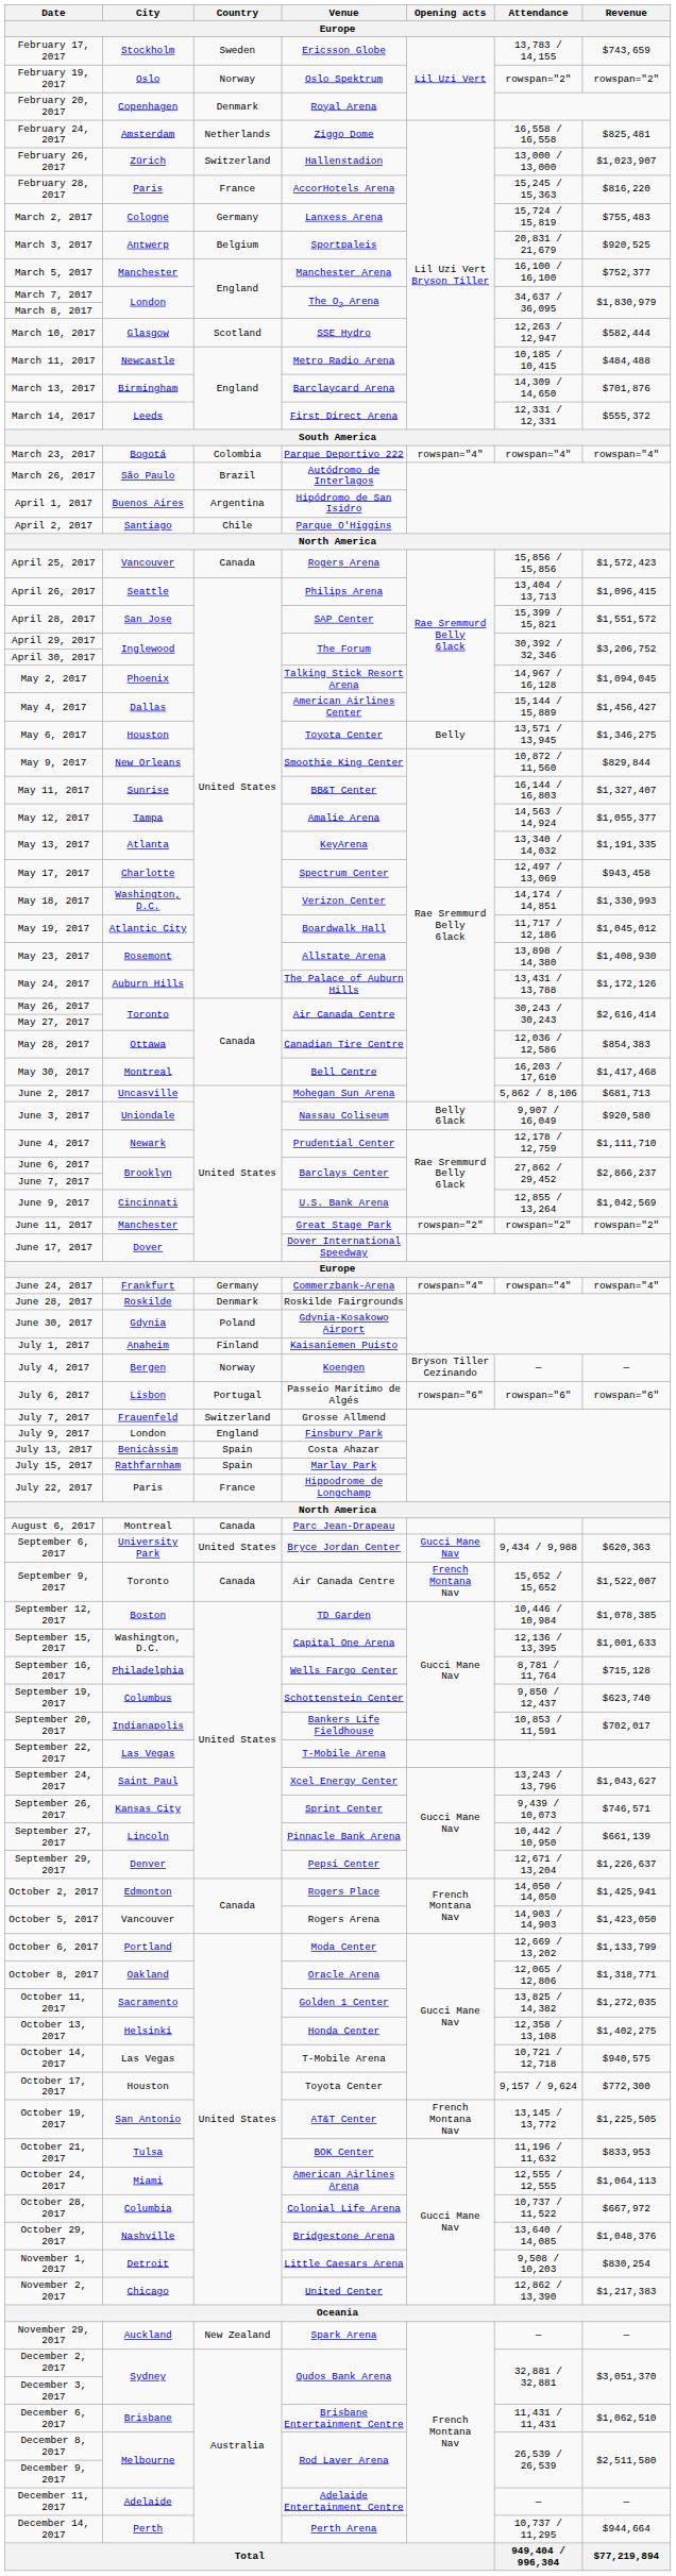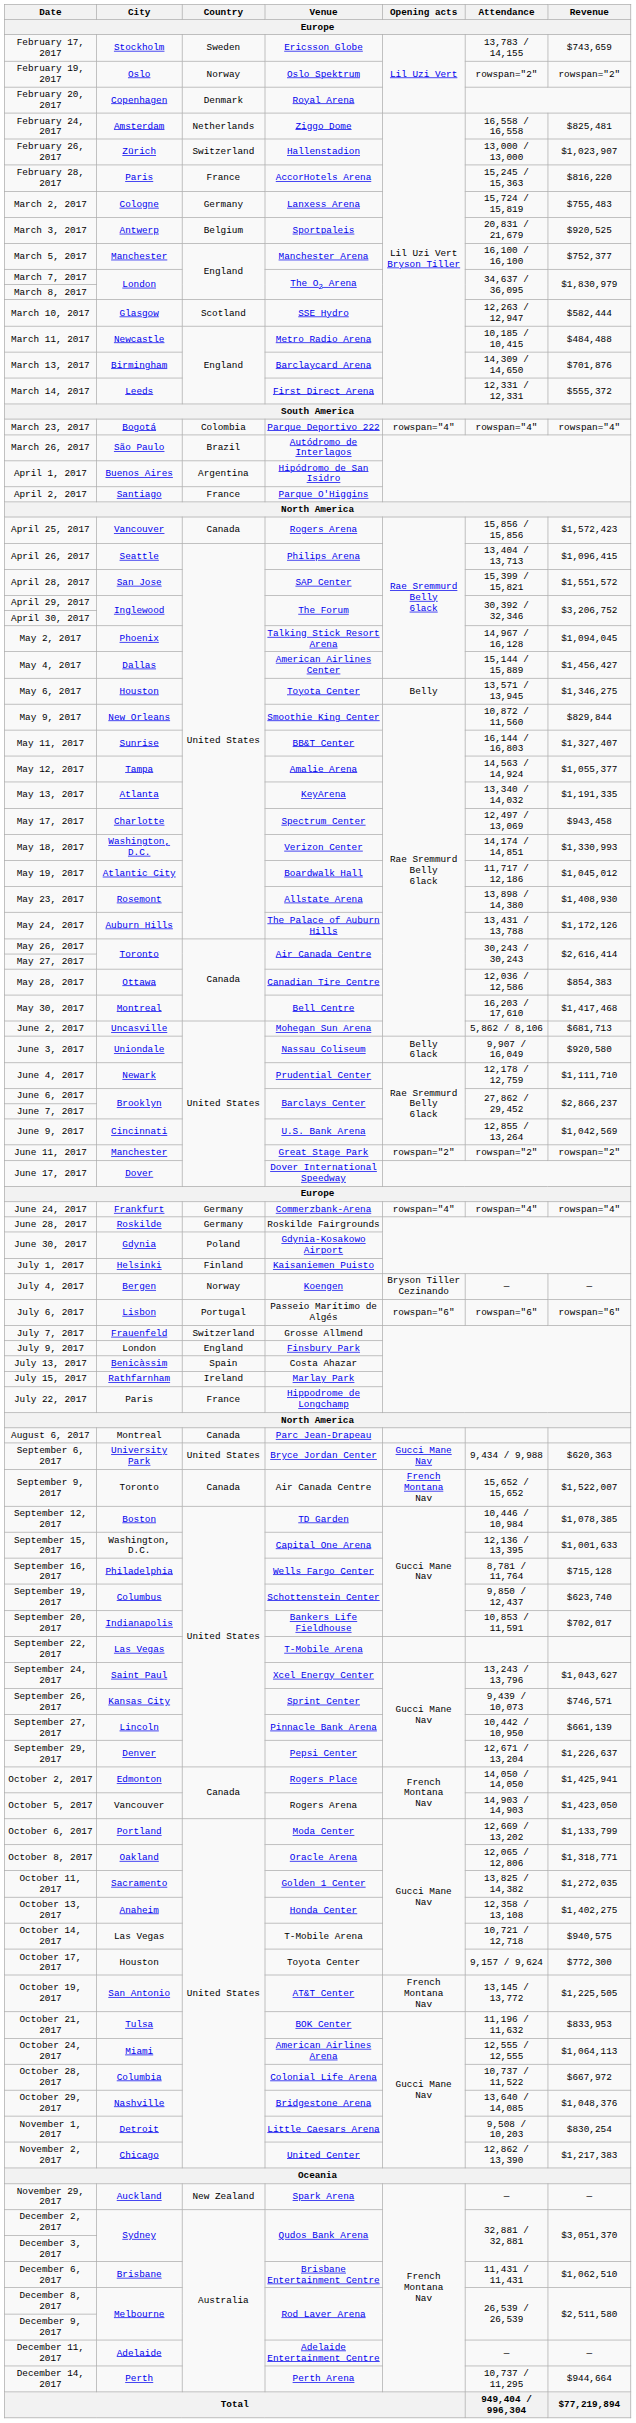 <table class="wikitable" style="text-align:center;">
 <tr>
 <th scope="col" style="width:13em;">Date</th>
 <th scope="col" style="width:10em;">City</th>
 <th scope="col" style="width:10em;">Country</th>
 <th scope="col" style="width:16em;">Venue</th>
 <th scope="col" style="width:10em;">Opening acts</th>
 <th scope="col" style="width:10em;">Attendance</th>
 <th scope="col" style="width:10em;">Revenue</th>
 </tr>
 <tr>
 <th colspan="7">Europe</th>
 </tr>
 <tr>
 <td>February 17, 2017</td>
 <td><a href='#'>Stockholm</a></td>
 <td>Sweden</td>
 <td><a href='#'>Ericsson Globe</a></td>
 <td rowspan="3"><a href='#'>Lil Uzi Vert</a></td>
 <td>13,783 / 14,155</td>
 <td>$743,659</td>
 </tr>
 <tr>
 <td>February 19, 2017</td>
 <td><a href='#'>Oslo</a></td>
 <td>Norway</td>
 <td><a href='#'>Oslo Spektrum</a></td>
 <td>rowspan="2" </td>
 <td>rowspan="2" </td>
 </tr>
 <tr>
 <td>February 20, 2017</td>
 <td><a href='#'>Copenhagen</a></td>
 <td>Denmark</td>
 <td><a href='#'>Royal Arena</a></td>
 </tr>
 <tr>
 <td>February 24, 2017</td>
 <td><a href='#'>Amsterdam</a></td>
 <td>Netherlands</td>
 <td><a href='#'>Ziggo Dome</a></td>
 <td rowspan="12">Lil Uzi Vert<br><a href='#'>Bryson Tiller</a></td>
 <td>16,558 / 16,558</td>
 <td>$825,481</td>
 </tr>
 <tr>
 <td>February 26, 2017</td>
 <td><a href='#'>Zürich</a></td>
 <td>Switzerland</td>
 <td><a href='#'>Hallenstadion</a></td>
 <td>13,000 / 13,000</td>
 <td>$1,023,907</td>
 </tr>
 <tr>
 <td>February 28, 2017</td>
 <td><a href='#'>Paris</a></td>
 <td>France</td>
 <td><a href='#'>AccorHotels Arena</a></td>
 <td>15,245 / 15,363</td>
 <td>$816,220</td>
 </tr>
 <tr>
 <td>March 2, 2017</td>
 <td><a href='#'>Cologne</a></td>
 <td>Germany</td>
 <td><a href='#'>Lanxess Arena</a></td>
 <td>15,724 / 15,819</td>
 <td>$755,483</td>
 </tr>
 <tr>
 <td>March 3, 2017</td>
 <td><a href='#'>Antwerp</a></td>
 <td>Belgium</td>
 <td><a href='#'>Sportpaleis</a></td>
 <td>20,831 / 21,679</td>
 <td>$920,525</td>
 </tr>
 <tr>
 <td>March 5, 2017</td>
 <td><a href='#'>Manchester</a></td>
 <td rowspan="3">England</td>
 <td><a href='#'>Manchester Arena</a></td>
 <td>16,100 / 16,100</td>
 <td>$752,377</td>
 </tr>
 <tr>
 <td>March 7, 2017</td>
 <td rowspan="2"><a href='#'>London</a></td>
 <td rowspan="2"><a href='#'>The O<sub>2</sub> Arena</a></td>
 <td rowspan="2">34,637 / 36,095</td>
 <td rowspan="2">$1,830,979</td>
 </tr>
 <tr>
 <td>March 8, 2017</td>
 </tr>
 <tr>
 <td>March 10, 2017</td>
 <td><a href='#'>Glasgow</a></td>
 <td>Scotland</td>
 <td><a href='#'>SSE Hydro</a></td>
 <td>12,263 / 12,947</td>
 <td>$582,444</td>
 </tr>
 <tr>
 <td>March 11, 2017</td>
 <td><a href='#'>Newcastle</a></td>
 <td rowspan="3">England</td>
 <td><a href='#'>Metro Radio Arena</a></td>
 <td>10,185 / 10,415</td>
 <td>$484,488</td>
 </tr>
 <tr>
 <td>March 13, 2017</td>
 <td><a href='#'>Birmingham</a></td>
 <td><a href='#'>Barclaycard Arena</a></td>
 <td>14,309 / 14,650</td>
 <td>$701,876</td>
 </tr>
 <tr>
 <td>March 14, 2017</td>
 <td><a href='#'>Leeds</a></td>
 <td><a href='#'>First Direct Arena</a></td>
 <td>12,331 / 12,331</td>
 <td>$555,372</td>
 </tr>
 <tr>
 <th colspan="7">South America</th>
 </tr>
 <tr>
 <td>March 23, 2017</td>
 <td><a href='#'>Bogotá</a></td>
 <td>Colombia</td>
 <td><a href='#'>Parque Deportivo 222</a></td>
 <td>rowspan="4" </td>
 <td>rowspan="4" </td>
 <td>rowspan="4" </td>
 </tr>
 <tr>
 <td>March 26, 2017</td>
 <td><a href='#'>São Paulo</a></td>
 <td>Brazil</td>
 <td><a href='#'>Autódromo de Interlagos</a></td>
 </tr>
 <tr>
 <td>April 1, 2017</td>
 <td><a href='#'>Buenos Aires</a></td>
 <td>Argentina</td>
 <td><a href='#'>Hipódromo de San Isidro</a></td>
 </tr>
 <tr>
 <td>April 2, 2017</td>
 <td><a href='#'>Santiago</a></td>
-<td>Chile</td>
+<td>France</td>
 <td><a href='#'>Parque O'Higgins</a></td>
 </tr>
 <tr>
 <th colspan="7">North America</th>
 </tr>
 <tr>
 <td>April 25, 2017</td>
 <td><a href='#'>Vancouver</a></td>
 <td>Canada</td>
 <td><a href='#'>Rogers Arena</a></td>
 <td rowspan="7"><a href='#'>Rae Sremmurd</a><br><a href='#'>Belly</a><br><a href='#'>6lack</a></td>
 <td>15,856 / 15,856</td>
 <td>$1,572,423</td>
 </tr>
 <tr>
 <td>April 26, 2017</td>
 <td><a href='#'>Seattle</a></td>
 <td rowspan="16">United States</td>
 <td><a href='#'>Philips Arena</a></td>
 <td>13,404 / 13,713</td>
 <td>$1,096,415</td>
 </tr>
 <tr>
 <td>April 28, 2017</td>
 <td><a href='#'>San Jose</a></td>
 <td><a href='#'>SAP Center</a></td>
 <td>15,399 / 15,821</td>
 <td>$1,551,572</td>
 </tr>
 <tr>
 <td>April 29, 2017</td>
 <td rowspan="2"><a href='#'>Inglewood</a></td>
 <td rowspan="2"><a href='#'>The Forum</a></td>
 <td rowspan="2">30,392 / 32,346</td>
 <td rowspan="2">$3,206,752</td>
 </tr>
 <tr>
 <td>April 30, 2017</td>
 </tr>
 <tr>
 <td>May 2, 2017</td>
 <td><a href='#'>Phoenix</a></td>
 <td><a href='#'>Talking Stick Resort Arena</a></td>
 <td>14,967 / 16,128</td>
 <td>$1,094,045</td>
 </tr>
 <tr>
 <td>May 4, 2017</td>
 <td><a href='#'>Dallas</a></td>
 <td><a href='#'>American Airlines Center</a></td>
 <td>15,144 / 15,889</td>
 <td>$1,456,427</td>
 </tr>
 <tr>
 <td>May 6, 2017</td>
 <td><a href='#'>Houston</a></td>
 <td><a href='#'>Toyota Center</a></td>
 <td>Belly</td>
 <td>13,571 / 13,945</td>
 <td>$1,346,275</td>
 </tr>
 <tr>
 <td>May 9, 2017</td>
 <td><a href='#'>New Orleans</a></td>
 <td><a href='#'>Smoothie King Center</a></td>
 <td rowspan="14">Rae Sremmurd<br>Belly<br>6lack</td>
 <td>10,872 / 11,560</td>
 <td>$829,844</td>
 </tr>
 <tr>
 <td>May 11, 2017</td>
 <td><a href='#'>Sunrise</a></td>
 <td><a href='#'>BB&T Center</a></td>
 <td>16,144 / 16,803</td>
 <td>$1,327,407</td>
 </tr>
 <tr>
 <td>May 12, 2017</td>
 <td><a href='#'>Tampa</a></td>
 <td><a href='#'>Amalie Arena</a></td>
 <td>14,563 / 14,924</td>
 <td>$1,055,377</td>
 </tr>
 <tr>
 <td>May 13, 2017</td>
 <td><a href='#'>Atlanta</a></td>
 <td><a href='#'>KeyArena</a></td>
 <td>13,340 / 14,032</td>
 <td>$1,191,335</td>
 </tr>
 <tr>
 <td>May 17, 2017</td>
 <td><a href='#'>Charlotte</a></td>
 <td><a href='#'>Spectrum Center</a></td>
 <td>12,497 / 13,069</td>
 <td>$943,458</td>
 </tr>
 <tr>
 <td>May 18, 2017</td>
 <td><a href='#'>Washington, D.C.</a></td>
 <td><a href='#'>Verizon Center</a></td>
 <td>14,174 / 14,851</td>
 <td>$1,330,993</td>
 </tr>
 <tr>
 <td>May 19, 2017</td>
 <td><a href='#'>Atlantic City</a></td>
 <td><a href='#'>Boardwalk Hall</a></td>
 <td>11,717 / 12,186</td>
 <td>$1,045,012</td>
 </tr>
 <tr>
 <td>May 23, 2017</td>
 <td><a href='#'>Rosemont</a></td>
 <td><a href='#'>Allstate Arena</a></td>
 <td>13,898 / 14,380</td>
 <td>$1,408,930</td>
 </tr>
 <tr>
 <td>May 24, 2017</td>
 <td><a href='#'>Auburn Hills</a></td>
 <td><a href='#'>The Palace of Auburn Hills</a></td>
 <td>13,431 / 13,788</td>
 <td>$1,172,126</td>
 </tr>
 <tr>
 <td>May 26, 2017</td>
 <td rowspan="2"><a href='#'>Toronto</a></td>
 <td rowspan="4">Canada</td>
 <td rowspan="2"><a href='#'>Air Canada Centre</a></td>
 <td rowspan="2">30,243 / 30,243</td>
 <td rowspan="2">$2,616,414</td>
 </tr>
 <tr>
 <td>May 27, 2017</td>
 </tr>
 <tr>
 <td>May 28, 2017</td>
 <td><a href='#'>Ottawa</a></td>
 <td><a href='#'>Canadian Tire Centre</a></td>
 <td>12,036 / 12,586</td>
 <td>$854,383</td>
 </tr>
 <tr>
 <td>May 30, 2017</td>
 <td><a href='#'>Montreal</a></td>
 <td><a href='#'>Bell Centre</a></td>
 <td>16,203 / 17,610</td>
 <td>$1,417,468</td>
 </tr>
 <tr>
 <td>June 2, 2017</td>
 <td><a href='#'>Uncasville</a></td>
 <td rowspan="8">United States</td>
 <td><a href='#'>Mohegan Sun Arena</a></td>
 <td>5,862 / 8,106</td>
 <td>$681,713</td>
 </tr>
 <tr>
 <td>June 3, 2017</td>
 <td><a href='#'>Uniondale</a></td>
 <td><a href='#'>Nassau Coliseum</a></td>
 <td>Belly<br>6lack</td>
 <td>9,907 / 16,049</td>
 <td>$920,580</td>
 </tr>
 <tr>
 <td>June 4, 2017</td>
 <td><a href='#'>Newark</a></td>
 <td><a href='#'>Prudential Center</a></td>
 <td rowspan="4">Rae Sremmurd<br>Belly<br>6lack</td>
 <td>12,178 / 12,759</td>
 <td>$1,111,710</td>
 </tr>
 <tr>
 <td>June 6, 2017</td>
 <td rowspan="2"><a href='#'>Brooklyn</a></td>
 <td rowspan="2"><a href='#'>Barclays Center</a></td>
 <td rowspan="2">27,862 / 29,452</td>
 <td rowspan="2">$2,866,237</td>
 </tr>
 <tr>
 <td>June 7, 2017</td>
 </tr>
 <tr>
 <td>June 9, 2017</td>
 <td><a href='#'>Cincinnati</a></td>
 <td><a href='#'>U.S. Bank Arena</a></td>
 <td>12,855 / 13,264</td>
 <td>$1,042,569</td>
 </tr>
 <tr>
 <td>June 11, 2017</td>
 <td><a href='#'>Manchester</a></td>
 <td><a href='#'>Great Stage Park</a></td>
 <td>rowspan="2" </td>
 <td>rowspan="2" </td>
 <td>rowspan="2" </td>
 </tr>
 <tr>
 <td>June 17, 2017</td>
 <td><a href='#'>Dover</a></td>
 <td><a href='#'>Dover International Speedway</a></td>
 </tr>
 <tr>
 <th colspan="7">Europe</th>
 </tr>
 <tr>
 <td>June 24, 2017</td>
 <td><a href='#'>Frankfurt</a></td>
 <td>Germany</td>
 <td><a href='#'>Commerzbank-Arena</a></td>
 <td>rowspan="4" </td>
 <td>rowspan="4" </td>
 <td>rowspan="4" </td>
 </tr>
 <tr>
 <td>June 28, 2017</td>
 <td><a href='#'>Roskilde</a></td>
-<td>Denmark</td>
+<td>Germany</td>
 <td>Roskilde Fairgrounds</td>
 </tr>
 <tr>
 <td>June 30, 2017</td>
 <td><a href='#'>Gdynia</a></td>
 <td>Poland</td>
 <td><a href='#'>Gdynia-Kosakowo Airport</a></td>
 </tr>
 <tr>
 <td>July 1, 2017</td>
-<td><a href='#'>Anaheim</a></td>
+<td><a href='#'>Helsinki</a></td>
 <td>Finland</td>
 <td><a href='#'>Kaisaniemen Puisto</a></td>
 </tr>
 <tr>
 <td>July 4, 2017</td>
 <td><a href='#'>Bergen</a></td>
 <td>Norway</td>
 <td><a href='#'>Koengen</a></td>
 <td>Bryson Tiller<br>Cezinando</td>
 <td>—</td>
 <td>—</td>
 </tr>
 <tr>
 <td>July 6, 2017</td>
 <td><a href='#'>Lisbon</a></td>
 <td>Portugal</td>
 <td>Passeio Marítimo de Algés</td>
 <td>rowspan="6" </td>
 <td>rowspan="6" </td>
 <td>rowspan="6" </td>
 </tr>
 <tr>
 <td>July 7, 2017</td>
 <td><a href='#'>Frauenfeld</a></td>
 <td>Switzerland</td>
 <td>Grosse Allmend</td>
 </tr>
 <tr>
 <td>July 9, 2017</td>
 <td>London</td>
 <td>England</td>
 <td><a href='#'>Finsbury Park</a></td>
 </tr>
 <tr>
 <td>July 13, 2017</td>
 <td><a href='#'>Benicàssim</a></td>
 <td>Spain</td>
 <td>Costa Ahazar</td>
 </tr>
 <tr>
 <td>July 15, 2017</td>
 <td><a href='#'>Rathfarnham</a></td>
-<td>Spain</td>
+<td>Ireland</td>
 <td><a href='#'>Marlay Park</a></td>
 </tr>
 <tr>
 <td>July 22, 2017</td>
 <td>Paris</td>
 <td>France</td>
 <td><a href='#'>Hippodrome de Longchamp</a></td>
 </tr>
 <tr>
 <th colspan="7">North America</th>
 </tr>
 <tr>
 <td>August 6, 2017</td>
 <td>Montreal</td>
 <td>Canada</td>
 <td><a href='#'>Parc Jean-Drapeau</a></td>
 <td></td>
 <td></td>
 <td></td>
 </tr>
 <tr>
 <td>September 6, 2017</td>
 <td><a href='#'>University Park</a></td>
 <td>United States</td>
 <td><a href='#'>Bryce Jordan Center</a></td>
 <td><a href='#'>Gucci Mane</a><br><a href='#'>Nav</a></td>
 <td>9,434 / 9,988</td>
 <td>$620,363</td>
 </tr>
 <tr>
 <td>September 9, 2017</td>
 <td>Toronto</td>
 <td>Canada</td>
 <td>Air Canada Centre</td>
 <td><a href='#'>French Montana</a><br>Nav</td>
 <td>15,652 / 15,652</td>
 <td>$1,522,007</td>
 </tr>
 <tr>
 <td>September 12, 2017</td>
 <td><a href='#'>Boston</a></td>
 <td rowspan="10">United States</td>
 <td><a href='#'>TD Garden</a></td>
 <td rowspan="5">Gucci Mane<br>Nav</td>
 <td>10,446 / 10,984</td>
 <td>$1,078,385</td>
 </tr>
 <tr>
 <td>September 15, 2017</td>
 <td>Washington, D.C.</td>
 <td><a href='#'>Capital One Arena</a></td>
 <td>12,136 / 13,395</td>
 <td>$1,001,633</td>
 </tr>
 <tr>
 <td>September 16, 2017</td>
 <td><a href='#'>Philadelphia</a></td>
 <td><a href='#'>Wells Fargo Center</a></td>
 <td>8,781 / 11,764</td>
 <td>$715,128</td>
 </tr>
 <tr>
 <td>September 19, 2017</td>
 <td><a href='#'>Columbus</a></td>
 <td><a href='#'>Schottenstein Center</a></td>
 <td>9,850 / 12,437</td>
 <td>$623,740</td>
 </tr>
 <tr>
 <td>September 20, 2017</td>
 <td><a href='#'>Indianapolis</a></td>
 <td><a href='#'>Bankers Life Fieldhouse</a></td>
 <td>10,853 / 11,591</td>
 <td>$702,017</td>
 </tr>
 <tr>
 <td>September 22, 2017</td>
 <td><a href='#'>Las Vegas</a></td>
 <td><a href='#'>T-Mobile Arena</a></td>
 <td></td>
 <td></td>
 <td></td>
 </tr>
 <tr>
 <td>September 24, 2017</td>
 <td><a href='#'>Saint Paul</a></td>
 <td><a href='#'>Xcel Energy Center</a></td>
 <td rowspan="4">Gucci Mane<br>Nav</td>
 <td>13,243 / 13,796</td>
 <td>$1,043,627</td>
 </tr>
 <tr>
 <td>September 26, 2017</td>
 <td><a href='#'>Kansas City</a></td>
 <td><a href='#'>Sprint Center</a></td>
 <td>9,439 / 10,073</td>
 <td>$746,571</td>
 </tr>
 <tr>
 <td>September 27, 2017</td>
 <td><a href='#'>Lincoln</a></td>
 <td><a href='#'>Pinnacle Bank Arena</a></td>
 <td>10,442 / 10,950</td>
 <td>$661,139</td>
 </tr>
 <tr>
 <td>September 29, 2017</td>
 <td><a href='#'>Denver</a></td>
 <td><a href='#'>Pepsi Center</a></td>
 <td>12,671 / 13,204</td>
 <td>$1,226,637</td>
 </tr>
 <tr>
 <td>October 2, 2017</td>
 <td><a href='#'>Edmonton</a></td>
 <td rowspan="2">Canada</td>
 <td><a href='#'>Rogers Place</a></td>
 <td rowspan="2">French Montana<br>Nav</td>
 <td>14,050 / 14,050</td>
 <td>$1,425,941</td>
 </tr>
 <tr>
 <td>October 5, 2017</td>
 <td>Vancouver</td>
 <td>Rogers Arena</td>
 <td>14,903 / 14,903</td>
 <td>$1,423,050</td>
 </tr>
 <tr>
 <td>October 6, 2017</td>
 <td><a href='#'>Portland</a></td>
 <td rowspan="13">United States</td>
 <td><a href='#'>Moda Center</a></td>
 <td rowspan="6">Gucci Mane<br>Nav</td>
 <td>12,669 / 13,202</td>
 <td>$1,133,799</td>
 </tr>
 <tr>
 <td>October 8, 2017</td>
 <td><a href='#'>Oakland</a></td>
 <td><a href='#'>Oracle Arena</a></td>
 <td>12,065 / 12,806</td>
 <td>$1,318,771</td>
 </tr>
 <tr>
 <td>October 11, 2017</td>
 <td><a href='#'>Sacramento</a></td>
 <td><a href='#'>Golden 1 Center</a></td>
 <td>13,825 / 14,382</td>
 <td>$1,272,035</td>
 </tr>
 <tr>
 <td>October 13, 2017</td>
-<td><a href='#'>Helsinki</a></td>
+<td><a href='#'>Anaheim</a></td>
 <td><a href='#'>Honda Center</a></td>
 <td>12,358 / 13,108</td>
 <td>$1,402,275</td>
 </tr>
 <tr>
 <td>October 14, 2017</td>
 <td>Las Vegas</td>
 <td>T-Mobile Arena</td>
 <td>10,721 / 12,718</td>
 <td>$940,575</td>
 </tr>
 <tr>
 <td>October 17, 2017</td>
 <td>Houston</td>
 <td>Toyota Center</td>
 <td>9,157 / 9,624</td>
 <td>$772,300</td>
 </tr>
 <tr>
 <td>October 19, 2017</td>
 <td><a href='#'>San Antonio</a></td>
 <td><a href='#'>AT&T Center</a></td>
 <td>French Montana<br>Nav</td>
 <td>13,145 / 13,772</td>
 <td>$1,225,505</td>
 </tr>
 <tr>
 <td>October 21, 2017</td>
 <td><a href='#'>Tulsa</a></td>
 <td><a href='#'>BOK Center</a></td>
 <td rowspan="6">Gucci Mane<br>Nav</td>
 <td>11,196 / 11,632</td>
 <td>$833,953</td>
 </tr>
 <tr>
 <td>October 24, 2017</td>
 <td><a href='#'>Miami</a></td>
 <td><a href='#'>American Airlines Arena</a></td>
 <td>12,555 / 12,555</td>
 <td>$1,064,113</td>
 </tr>
 <tr>
 <td>October 28, 2017</td>
 <td><a href='#'>Columbia</a></td>
 <td><a href='#'>Colonial Life Arena</a></td>
 <td>10,737 / 11,522</td>
 <td>$667,972</td>
 </tr>
 <tr>
 <td>October 29, 2017</td>
 <td><a href='#'>Nashville</a></td>
 <td><a href='#'>Bridgestone Arena</a></td>
 <td>13,640 / 14,085</td>
 <td>$1,048,376</td>
 </tr>
 <tr>
 <td>November 1, 2017</td>
 <td><a href='#'>Detroit</a></td>
 <td><a href='#'>Little Caesars Arena</a></td>
 <td>9,508 / 10,203</td>
 <td>$830,254</td>
 </tr>
 <tr>
 <td>November 2, 2017</td>
 <td><a href='#'>Chicago</a></td>
 <td><a href='#'>United Center</a></td>
 <td>12,862 / 13,390</td>
 <td>$1,217,383</td>
 </tr>
 <tr>
 <th colspan="7">Oceania</th>
 </tr>
 <tr>
 <td>November 29, 2017</td>
 <td><a href='#'>Auckland</a></td>
 <td>New Zealand</td>
 <td><a href='#'>Spark Arena</a></td>
 <td rowspan="8">French Montana<br>Nav</td>
 <td>—</td>
 <td>—</td>
 </tr>
 <tr>
 <td>December 2, 2017</td>
 <td rowspan="2"><a href='#'>Sydney</a></td>
 <td rowspan="7">Australia</td>
 <td rowspan="2"><a href='#'>Qudos Bank Arena</a></td>
 <td rowspan="2">32,881 / 32,881</td>
 <td rowspan="2">$3,051,370</td>
 </tr>
 <tr>
 <td>December 3, 2017</td>
 </tr>
 <tr>
 <td>December 6, 2017</td>
 <td><a href='#'>Brisbane</a></td>
 <td><a href='#'>Brisbane Entertainment Centre</a></td>
 <td>11,431 / 11,431</td>
 <td>$1,062,510</td>
 </tr>
 <tr>
 <td>December 8, 2017</td>
 <td rowspan="2"><a href='#'>Melbourne</a></td>
 <td rowspan="2"><a href='#'>Rod Laver Arena</a></td>
 <td rowspan="2">26,539 / 26,539</td>
 <td rowspan="2">$2,511,580</td>
 </tr>
 <tr>
 <td>December 9, 2017</td>
 </tr>
 <tr>
 <td>December 11, 2017</td>
 <td><a href='#'>Adelaide</a></td>
 <td><a href='#'>Adelaide Entertainment Centre</a></td>
 <td>—</td>
 <td>—</td>
 </tr>
 <tr>
 <td>December 14, 2017</td>
 <td><a href='#'>Perth</a></td>
 <td><a href='#'>Perth Arena</a></td>
 <td>10,737 / 11,295</td>
 <td>$944,664</td>
 </tr>
 <tr>
 <th colspan="5">Total</th>
 <th>949,404 / 996,304</th>
 <th>$77,219,894</th>
 </tr>
 </table>
